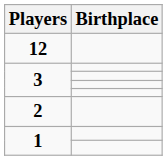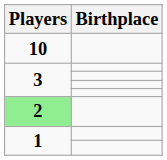 <table class="wikitable sortable">
 <tr>
 <th>Players</th>
 <th>Birthplace</th>
 </tr>
 <tr>
-<td align="center"><strong>12</strong></td>
+<td align="center"><strong>10</strong></td>
 <td></td>
 </tr>
 <tr>
 <td align="center" rowspan=4><strong>3</strong></td>
 <td></td>
 </tr>
 <tr>
 <td></td>
 </tr>
 <tr>
 <td></td>
 </tr>
 <tr>
 <td></td>
 </tr>
 <tr>
-<td align="center"><strong>2</strong></td>
+<td align="center" style="background: lightgreen;"><strong>2</strong></td>
 <td></td>
 </tr>
 <tr>
 <td align="center" rowspan=2><strong>1</strong></td>
 <td></td>
 </tr>
 <tr>
 <td></td>
 </tr>
 </table>
